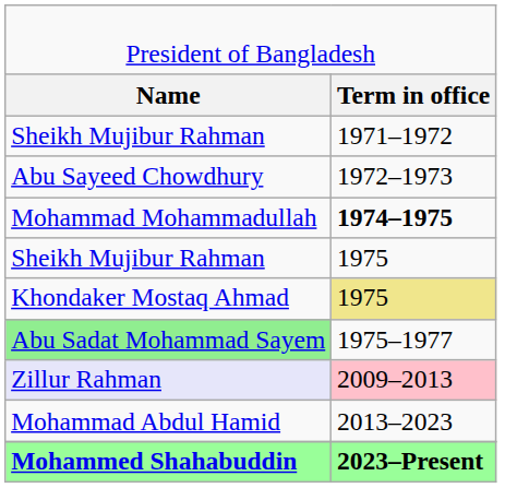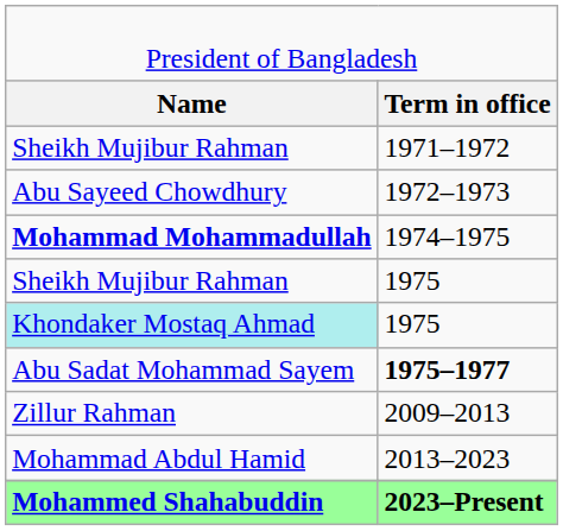 <table class="wikitable">
 <tr>
 <td style="text-align: center; background:#white;" colspan="4"> <br> <a href='#'>President of Bangladesh</a></td>
 </tr>
 <tr>
 <th>Name</th>
 <th colspan=2>Term in office</th>
 </tr>
 <tr>
 <td><a href='#'>Sheikh Mujibur Rahman</a></td>
 <td>1971–1972</td>
 </tr>
 <tr>
 <td><a href='#'>Abu Sayeed Chowdhury</a></td>
 <td>1972–1973</td>
 </tr>
 <tr>
-<td><a href='#'>Mohammad Mohammadullah</a></td>
-<td><strong>1974–1975</strong></td>
+<td><strong><a href='#'>Mohammad Mohammadullah</a></strong></td>
+<td>1974–1975</td>
 </tr>
 <tr>
 <td><a href='#'>Sheikh Mujibur Rahman</a></td>
 <td>1975 </td>
 </tr>
 <tr>
-<td><a href='#'>Khondaker Mostaq Ahmad</a></td>
-<td style="background: khaki;">1975 </td>
+<td style="background: paleturquoise;"><a href='#'>Khondaker Mostaq Ahmad</a></td>
+<td>1975 </td>
 </tr>
 <tr>
-<td style="background: lightgreen;"><a href='#'>Abu Sadat Mohammad Sayem</a></td>
-<td>1975–1977</td>
+<td><a href='#'>Abu Sadat Mohammad Sayem</a></td>
+<td><strong>1975–1977</strong></td>
 </tr>
 <tr>
-<td style="background: lavender;"><a href='#'>Zillur Rahman</a></td>
-<td style="background: pink;">2009–2013</td>
+<td><a href='#'>Zillur Rahman</a></td>
+<td>2009–2013</td>
 </tr>
 <tr>
 <td><a href='#'>Mohammad Abdul Hamid</a></td>
 <td>2013–2023</td>
 </tr>
 <tr>
 </tr>
 <tr style="background:#9f9;">
 <td><strong><a href='#'>Mohammed Shahabuddin</a></strong></td>
 <td><strong>2023–Present</strong></td>
 </tr>
 </table>
